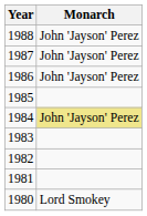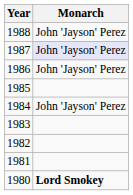 <table class="wikitable sortable mw-collapsible mw-collapsed">
 <tr>
 <th>Year</th>
 <th>Monarch</th>
 </tr>
 <tr>
 <td>1988</td>
 <td>John 'Jayson' Perez</td>
 </tr>
 <tr>
 <td>1987</td>
-<td>John 'Jayson' Perez</td>
+<td style="background: lavender;">John 'Jayson' Perez</td>
 </tr>
 <tr>
 <td>1986</td>
 <td>John 'Jayson' Perez</td>
 </tr>
 <tr>
 <td>1985</td>
 <td></td>
 </tr>
 <tr>
 <td>1984</td>
-<td style="background: khaki;">John 'Jayson' Perez</td>
+<td>John 'Jayson' Perez</td>
 </tr>
 <tr>
 <td>1983</td>
 <td></td>
 </tr>
 <tr>
 <td>1982</td>
 <td></td>
 </tr>
 <tr>
 <td>1981</td>
 <td></td>
 </tr>
 <tr>
 <td>1980</td>
-<td>Lord Smokey</td>
+<td><strong>Lord Smokey</strong></td>
 </tr>
 </table>
